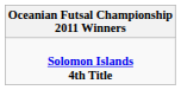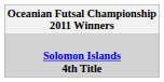 <table class="wikitable" style="text-align: center; margin: 0 auto;">
 <tr>
 <th>Oceanian Futsal Championship <br>2011 Winners</th>
 </tr>
 <tr>
-<td><br><strong><a href='#'>Solomon Islands</a></strong><br><strong>4th Title</strong></td>
+<td style="background: lightgrey;"><br><strong><a href='#'>Solomon Islands</a></strong><br><strong>4th Title</strong></td>
 </tr>
 </table>
